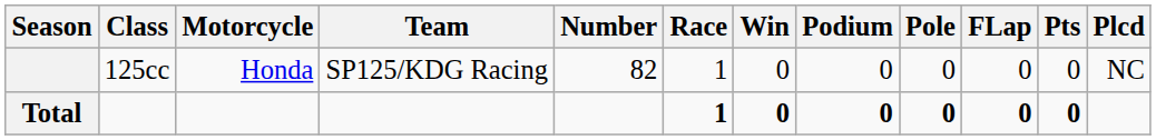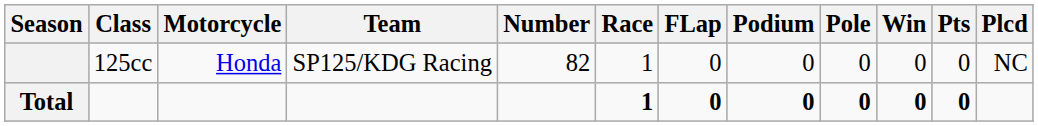 <table class="wikitable">
 <tr>
 <th>Season</th>
 <th>Class</th>
 <th>Motorcycle</th>
 <th>Team</th>
 <th>Number</th>
 <th>Race</th>
-<th>Win</th>
+<th>FLap</th>
 <th>Podium</th>
 <th>Pole</th>
-<th>FLap</th>
+<th>Win</th>
 <th>Pts</th>
 <th>Plcd</th>
 </tr>
 <tr align="right">
 <th></th>
 <td>125cc</td>
 <td><a href='#'>Honda</a></td>
 <td>SP125/KDG Racing</td>
 <td>82</td>
 <td>1</td>
 <td>0</td>
 <td>0</td>
 <td>0</td>
 <td>0</td>
 <td>0</td>
 <td>NC</td>
 </tr>
 <tr align="right">
 <th>Total</th>
 <td></td>
 <td></td>
 <td></td>
 <td></td>
 <td><strong>1</strong></td>
 <td><strong>0</strong></td>
 <td><strong>0</strong></td>
 <td><strong>0</strong></td>
 <td><strong>0</strong></td>
 <td><strong>0</strong></td>
 <td></td>
 </tr>
 </table>
